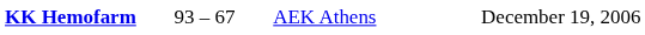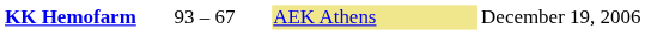 <table style="text-align:center">
 <tr>
 <th width=160></th>
 <th width=100></th>
 <th width=160></th>
 <th width=200></th>
 </tr>
 <tr>
 <td align=right><strong><a href='#'>KK Hemofarm</a></strong> </td>
 <td>93 – 67</td>
-<td align=left> <a href='#'>AEK Athens</a></td>
+<td align=left style="background: khaki;"> <a href='#'>AEK Athens</a></td>
 <td align=left>December 19, 2006</td>
 </tr>
 </table>
